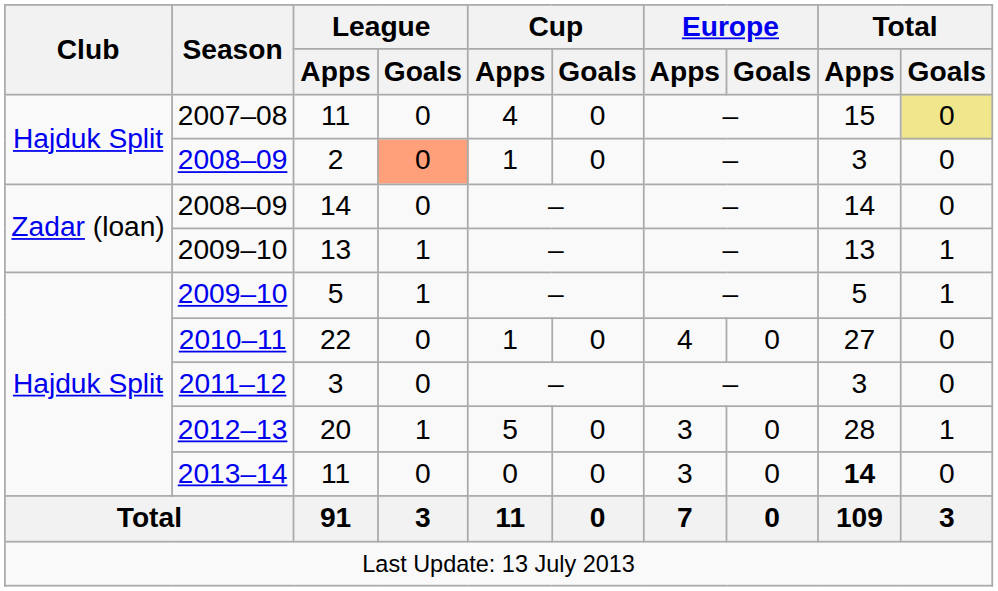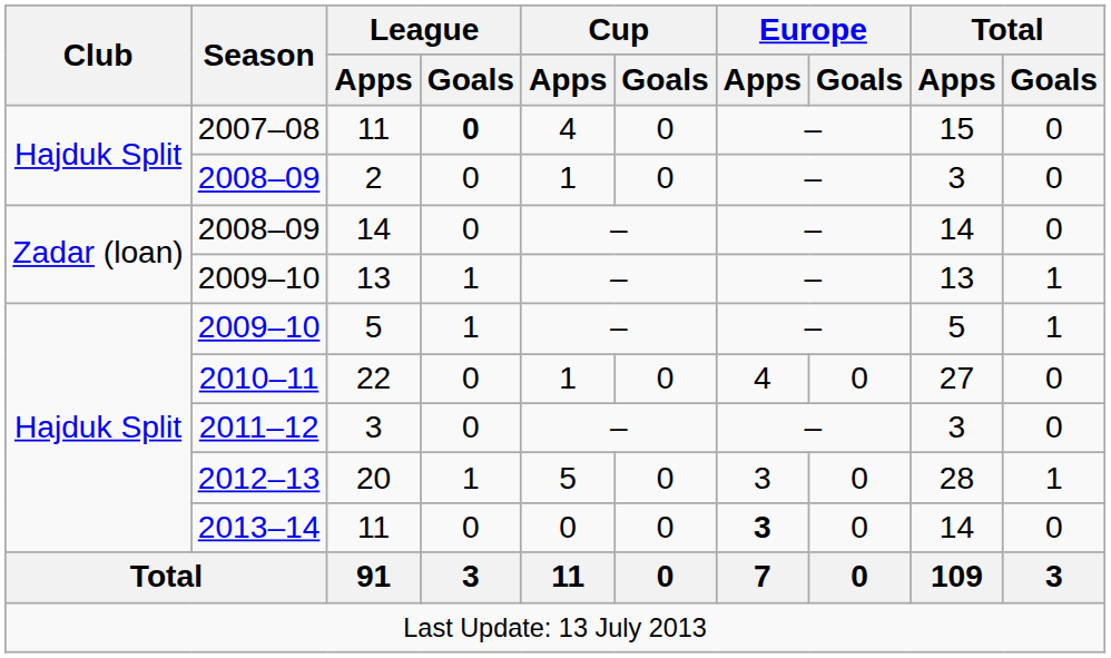 <table class="wikitable" style="text-align: center">
 <tr>
 <th rowspan="2">Club</th>
 <th rowspan="2">Season</th>
 <th colspan="2">League</th>
 <th colspan="2">Cup</th>
 <th colspan="2"><a href='#'>Europe</a></th>
 <th colspan="2">Total</th>
 </tr>
 <tr>
 <th>Apps</th>
 <th>Goals</th>
 <th>Apps</th>
 <th>Goals</th>
 <th>Apps</th>
 <th>Goals</th>
 <th>Apps</th>
 <th>Goals</th>
 </tr>
 <tr>
 <td rowspan="2" valign="center"><a href='#'>Hajduk Split</a></td>
 <td>2007–08</td>
 <td>11</td>
-<td>0</td>
+<td><strong>0</strong></td>
 <td>4</td>
 <td>0</td>
 <td colspan="2">–</td>
 <td>15</td>
-<td style="background: khaki;">0</td>
+<td>0</td>
 </tr>
 <tr>
 <td><a href='#'>2008–09</a></td>
 <td>2</td>
-<td style="background: lightsalmon;">0</td>
+<td>0</td>
 <td>1</td>
 <td>0</td>
 <td colspan="2">–</td>
 <td>3</td>
 <td>0</td>
 </tr>
 <tr>
 <td rowspan="2" valign="center"><a href='#'>Zadar</a> (loan)</td>
 <td>2008–09</td>
 <td>14</td>
 <td>0</td>
 <td colspan="2">–</td>
 <td colspan="2">–</td>
 <td>14</td>
 <td>0</td>
 </tr>
 <tr>
 <td>2009–10</td>
 <td>13</td>
 <td>1</td>
 <td colspan="2">–</td>
 <td colspan="2">–</td>
 <td>13</td>
 <td>1</td>
 </tr>
 <tr>
 <td rowspan="5" valign="center"><a href='#'>Hajduk Split</a></td>
 <td><a href='#'>2009–10</a></td>
 <td>5</td>
 <td>1</td>
 <td colspan="2">–</td>
 <td colspan="2">–</td>
 <td>5</td>
 <td>1</td>
 </tr>
 <tr>
 <td><a href='#'>2010–11</a></td>
 <td>22</td>
 <td>0</td>
 <td>1</td>
 <td>0</td>
 <td>4</td>
 <td>0</td>
 <td>27</td>
 <td>0</td>
 </tr>
 <tr>
 <td><a href='#'>2011–12</a></td>
 <td>3</td>
 <td>0</td>
 <td colspan="2">–</td>
 <td colspan="2">–</td>
 <td>3</td>
 <td>0</td>
 </tr>
 <tr>
 <td><a href='#'>2012–13</a></td>
 <td>20</td>
 <td>1</td>
 <td>5</td>
 <td>0</td>
 <td>3</td>
 <td>0</td>
 <td>28</td>
 <td>1</td>
 </tr>
 <tr>
 <td><a href='#'>2013–14</a></td>
 <td>11</td>
 <td>0</td>
 <td>0</td>
 <td>0</td>
-<td>3</td>
+<td><strong>3</strong></td>
 <td>0</td>
-<td><strong>14</strong></td>
+<td>14</td>
 <td>0</td>
 </tr>
 <tr>
 <th colspan="2">Total</th>
 <th>91</th>
 <th>3</th>
 <th>11</th>
 <th>0</th>
 <th>7</th>
 <th>0</th>
 <th>109</th>
 <th>3</th>
 </tr>
 <tr>
 <td colspan="10"><small>Last Update: 13 July 2013</small></td>
 </tr>
 </table>
